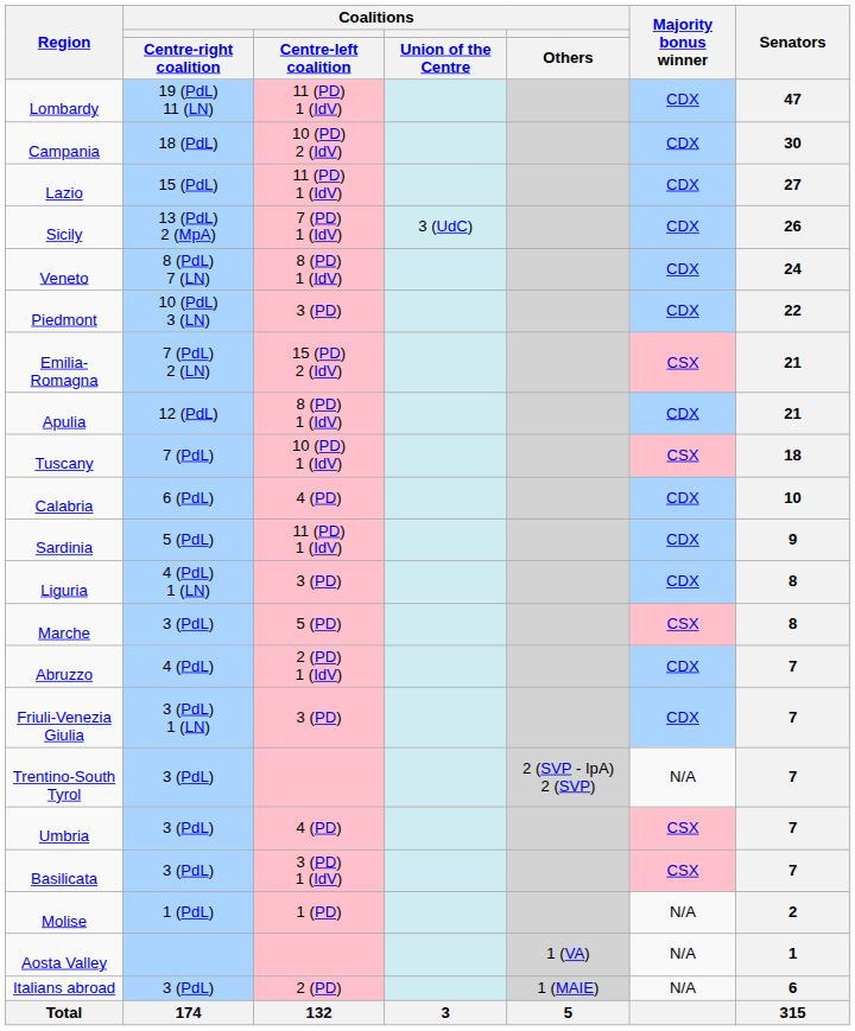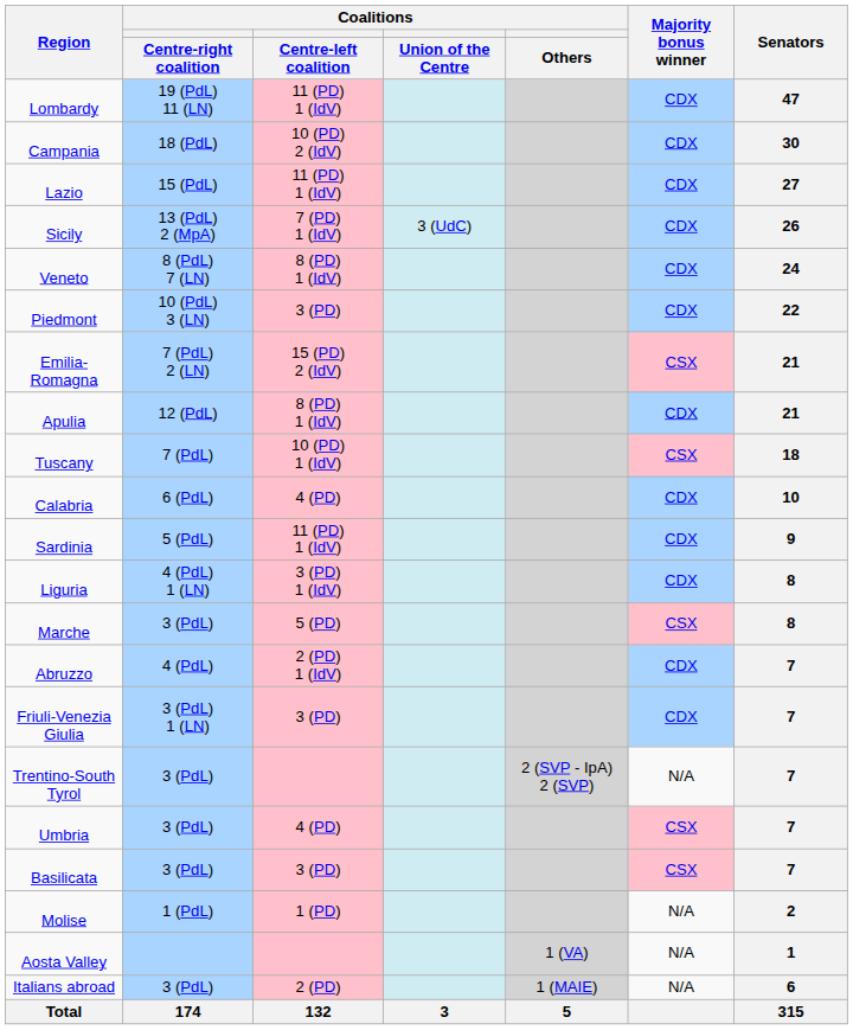 <table class="wikitable" style="text-align:center">
 <tr>
 <th style="width: 5%" rowspan="3"><a href='#'>Region</a></th>
 <th style="width: 30%" colspan=4>Coalitions</th>
 <th style="width: 5%" rowspan="3"><a href='#'>Majority bonus</a><br>winner</th>
 <th style="width: 5%" rowspan="3">Senators</th>
 </tr>
 <tr>
 <th style="width:90px; background-color:"></th>
 <th style="width:90px; background-color:"></th>
 <th style="width:90px; background-color:"></th>
 <th style="width:90px; background-color:"></th>
 </tr>
 <tr>
 <th style="width:90px;"><a href='#'>Centre-right coalition</a></th>
 <th style="width:90px;"><a href='#'>Centre-left coalition</a></th>
 <th style="width:90px;"><a href='#'>Union of the Centre</a></th>
 <th style="width:90px;">Others</th>
 </tr>
 <tr>
 <td><br><a href='#'>Lombardy</a></td>
 <td style="background:#a9d4ff; text-align:center;">19 (<a href='#'>PdL</a>)<br>11 (<a href='#'>LN</a>)</td>
 <td style="background:pink; text-align:center;">11 (<a href='#'>PD</a>)<br>1 (<a href='#'>IdV</a>)</td>
 <td style="background:#CEECF2; text-align:center;"></td>
 <td style="background:lightgrey; text-align:center;"></td>
 <td style="background:#a9d4ff; text-align:center;"><a href='#'>CDX</a></td>
 <th>47</th>
 </tr>
 <tr>
 <td><br><a href='#'>Campania</a></td>
 <td style="background:#a9d4ff; text-align:center;">18 (<a href='#'>PdL</a>)</td>
 <td style="background:pink; text-align:center;">10 (<a href='#'>PD</a>)<br>2 (<a href='#'>IdV</a>)</td>
 <td style="background:#CEECF2; text-align:center;"></td>
 <td style="background:lightgrey; text-align:center;"></td>
 <td style="background:#a9d4ff; text-align:center;"><a href='#'>CDX</a></td>
 <th>30</th>
 </tr>
 <tr>
 <td><br><a href='#'>Lazio</a></td>
 <td style="background:#a9d4ff; text-align:center;">15 (<a href='#'>PdL</a>)</td>
 <td style="background:pink; text-align:center;">11 (<a href='#'>PD</a>)<br>1 (<a href='#'>IdV</a>)</td>
 <td style="background:#CEECF2; text-align:center;"></td>
 <td style="background:lightgrey; text-align:center;"></td>
 <td style="background:#a9d4ff; text-align:center;"><a href='#'>CDX</a></td>
 <th>27</th>
 </tr>
 <tr>
 <td><br><a href='#'>Sicily</a></td>
 <td style="background:#a9d4ff; text-align:center;">13 (<a href='#'>PdL</a>)<br>2 (<a href='#'>MpA</a>)</td>
 <td style="background:pink; text-align:center;">7 (<a href='#'>PD</a>)<br>1 (<a href='#'>IdV</a>)</td>
 <td style="background:#CEECF2; text-align:center;">3 (<a href='#'>UdC</a>)</td>
 <td style="background:lightgrey; text-align:center;"></td>
 <td style="background:#a9d4ff; text-align:center;"><a href='#'>CDX</a></td>
 <th>26</th>
 </tr>
 <tr>
 <td><br><a href='#'>Veneto</a></td>
 <td style="background:#a9d4ff; text-align:center;">8 (<a href='#'>PdL</a>)<br>7 (<a href='#'>LN</a>)</td>
 <td style="background:pink; text-align:center;">8 (<a href='#'>PD</a>)<br>1 (<a href='#'>IdV</a>)</td>
 <td style="background:#CEECF2; text-align:center;"></td>
 <td style="background:lightgrey; text-align:center;"></td>
 <td style="background:#a9d4ff; text-align:center;"><a href='#'>CDX</a></td>
 <th>24</th>
 </tr>
 <tr>
 <td><br><a href='#'>Piedmont</a></td>
 <td style="background:#a9d4ff; text-align:center;">10 (<a href='#'>PdL</a>)<br>3 (<a href='#'>LN</a>)</td>
 <td style="background:pink; text-align:center;">3 (<a href='#'>PD</a>)</td>
 <td style="background:#CEECF2; text-align:center;"></td>
 <td style="background:lightgrey; text-align:center;"></td>
 <td style="background:#a9d4ff; text-align:center;"><a href='#'>CDX</a></td>
 <th>22</th>
 </tr>
 <tr>
 <td><br><a href='#'>Emilia-Romagna</a></td>
 <td style="background:#a9d4ff; text-align:center;">7 (<a href='#'>PdL</a>)<br>2 (<a href='#'>LN</a>)</td>
 <td style="background:pink; text-align:center;">15 (<a href='#'>PD</a>)<br>2 (<a href='#'>IdV</a>)</td>
 <td style="background:#CEECF2; text-align:center;"></td>
 <td style="background:lightgrey; text-align:center;"></td>
 <td style="background:pink; text-align:center;"><a href='#'>CSX</a></td>
 <th>21</th>
 </tr>
 <tr>
 <td><br><a href='#'>Apulia</a></td>
 <td style="background:#a9d4ff; text-align:center;">12 (<a href='#'>PdL</a>)</td>
 <td style="background:pink; text-align:center;">8 (<a href='#'>PD</a>)<br>1 (<a href='#'>IdV</a>)</td>
 <td style="background:#CEECF2; text-align:center;"></td>
 <td style="background:lightgrey; text-align:center;"></td>
 <td style="background:#a9d4ff; text-align:center;"><a href='#'>CDX</a></td>
 <th>21</th>
 </tr>
 <tr>
 <td><br><a href='#'>Tuscany</a></td>
 <td style="background:#a9d4ff; text-align:center;">7 (<a href='#'>PdL</a>)</td>
 <td style="background:pink; text-align:center;">10 (<a href='#'>PD</a>)<br>1 (<a href='#'>IdV</a>)</td>
 <td style="background:#CEECF2; text-align:center;"></td>
 <td style="background:lightgrey; text-align:center;"></td>
 <td style="background:pink; text-align:center;"><a href='#'>CSX</a></td>
 <th>18</th>
 </tr>
 <tr>
 <td><br><a href='#'>Calabria</a></td>
 <td style="background:#a9d4ff; text-align:center;">6 (<a href='#'>PdL</a>)</td>
 <td style="background:pink; text-align:center;">4 (<a href='#'>PD</a>)</td>
 <td style="background:#CEECF2; text-align:center;"></td>
 <td style="background:lightgrey; text-align:center;"></td>
 <td style="background:#a9d4ff; text-align:center;"><a href='#'>CDX</a></td>
 <th>10</th>
 </tr>
 <tr>
 <td><br><a href='#'>Sardinia</a></td>
 <td style="background:#a9d4ff; text-align:center;">5 (<a href='#'>PdL</a>)</td>
 <td style="background:pink; text-align:center;">11 (<a href='#'>PD</a>)<br>1 (<a href='#'>IdV</a>)</td>
 <td style="background:#CEECF2; text-align:center;"></td>
 <td style="background:lightgrey; text-align:center;"></td>
 <td style="background:#a9d4ff; text-align:center;"><a href='#'>CDX</a></td>
 <th>9</th>
 </tr>
 <tr>
 <td><br><a href='#'>Liguria</a></td>
 <td style="background:#a9d4ff; text-align:center;">4 (<a href='#'>PdL</a>)<br>1 (<a href='#'>LN</a>)</td>
-<td style="background:pink; text-align:center;">3 (<a href='#'>PD</a>)</td>
+<td style="background:pink; text-align:center;">3 (<a href='#'>PD</a>)<br>1 (<a href='#'>IdV</a>)</td>
 <td style="background:#CEECF2; text-align:center;"></td>
 <td style="background:lightgrey; text-align:center;"></td>
 <td style="background:#a9d4ff; text-align:center;"><a href='#'>CDX</a></td>
 <th>8</th>
 </tr>
 <tr>
 <td><br><a href='#'>Marche</a></td>
 <td style="background:#a9d4ff; text-align:center;">3 (<a href='#'>PdL</a>)</td>
 <td style="background:pink; text-align:center;">5 (<a href='#'>PD</a>)</td>
 <td style="background:#CEECF2; text-align:center;"></td>
 <td style="background:lightgrey; text-align:center;"></td>
 <td style="background:pink; text-align:center;"><a href='#'>CSX</a></td>
 <th>8</th>
 </tr>
 <tr>
 <td><br><a href='#'>Abruzzo</a></td>
 <td style="background:#a9d4ff; text-align:center;">4 (<a href='#'>PdL</a>)</td>
 <td style="background:pink; text-align:center;">2 (<a href='#'>PD</a>)<br>1 (<a href='#'>IdV</a>)</td>
 <td style="background:#CEECF2; text-align:center;"></td>
 <td style="background:lightgrey; text-align:center;"></td>
 <td style="background:#a9d4ff; text-align:center;"><a href='#'>CDX</a></td>
 <th>7</th>
 </tr>
 <tr>
 <td><br><a href='#'>Friuli-Venezia Giulia</a></td>
 <td style="background:#a9d4ff; text-align:center;">3 (<a href='#'>PdL</a>)<br>1 (<a href='#'>LN</a>)</td>
 <td style="background:pink; text-align:center;">3 (<a href='#'>PD</a>)</td>
 <td style="background:#CEECF2; text-align:center;"></td>
 <td style="background:lightgrey; text-align:center;"></td>
 <td style="background:#a9d4ff; text-align:center;"><a href='#'>CDX</a></td>
 <th>7</th>
 </tr>
 <tr>
 <td><br><a href='#'>Trentino-South Tyrol</a></td>
 <td style="background:#a9d4ff; text-align:center;">3 (<a href='#'>PdL</a>)</td>
 <td style="background:pink; text-align:center;"></td>
 <td style="background:#CEECF2; text-align:center;"></td>
 <td style="background:lightgrey; text-align:center;">2 (<a href='#'>SVP</a> - IpA)<br>2 (<a href='#'>SVP</a>)</td>
 <td style="text-align:center;">N/A</td>
 <th>7</th>
 </tr>
 <tr>
 <td><br><a href='#'>Umbria</a></td>
 <td style="background:#a9d4ff; text-align:center;">3 (<a href='#'>PdL</a>)</td>
 <td style="background:pink; text-align:center;">4 (<a href='#'>PD</a>)</td>
 <td style="background:#CEECF2; text-align:center;"></td>
 <td style="background:lightgrey; text-align:center;"></td>
 <td style="background:pink; text-align:center;"><a href='#'>CSX</a></td>
 <th>7</th>
 </tr>
 <tr>
 <td><br><a href='#'>Basilicata</a></td>
 <td style="background:#a9d4ff; text-align:center;">3 (<a href='#'>PdL</a>)</td>
-<td style="background:pink; text-align:center;">3 (<a href='#'>PD</a>)<br>1 (<a href='#'>IdV</a>)</td>
+<td style="background:pink; text-align:center;">3 (<a href='#'>PD</a>)</td>
 <td style="background:#CEECF2; text-align:center;"></td>
 <td style="background:lightgrey; text-align:center;"></td>
 <td style="background:pink; text-align:center;"><a href='#'>CSX</a></td>
 <th>7</th>
 </tr>
 <tr>
 <td><br><a href='#'>Molise</a></td>
 <td style="background:#a9d4ff; text-align:center;">1 (<a href='#'>PdL</a>)</td>
 <td style="background:pink; text-align:center;">1 (<a href='#'>PD</a>)</td>
 <td style="background:#CEECF2; text-align:center;"></td>
 <td style="background:lightgrey; text-align:center;"></td>
 <td style="text-align:center;">N/A</td>
 <th>2</th>
 </tr>
 <tr>
 <td><br><a href='#'>Aosta Valley</a></td>
 <td style="background:#a9d4ff; text-align:center;"></td>
 <td style="background:pink; text-align:center;"></td>
 <td style="background:#CEECF2; text-align:center;"></td>
 <td style="background:lightgrey; text-align:center;">1 (<a href='#'>VA</a>)</td>
 <td style="text-align:center;">N/A</td>
 <th>1</th>
 </tr>
 <tr>
 <td><a href='#'>Italians abroad</a></td>
 <td style="background:#a9d4ff; text-align:center;">3 (<a href='#'>PdL</a>)</td>
 <td style="background:pink; text-align:center;">2 (<a href='#'>PD</a>)</td>
 <td style="background:#CEECF2; text-align:center;"></td>
 <td style="background:lightgrey; text-align:center;">1 (<a href='#'>MAIE</a>)</td>
 <td style="text-align:center;">N/A</td>
 <th>6</th>
 </tr>
 <tr>
 <th>Total</th>
 <th>174</th>
 <th>132</th>
 <th>3</th>
 <th>5</th>
 <th></th>
 <th>315</th>
 </tr>
 </table>
